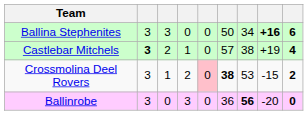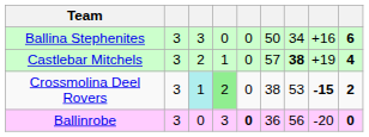 <table class="wikitable" style="text-align:center">
 <tr>
 <th style="width:175px;">Team</th>
 <th width="20"></th>
 <th width="20"></th>
 <th width="20"></th>
 <th width="20"></th>
 <th width="20"></th>
 <th width="20"></th>
 <th width="20"></th>
 <th width="20"></th>
 </tr>
 <tr style="background:#cfc;">
 <td><a href='#'>Ballina Stephenites</a></td>
 <td>3</td>
 <td>3</td>
 <td>0</td>
 <td>0</td>
 <td>50</td>
 <td>34</td>
-<td><strong>+16</strong></td>
+<td>+16</td>
 <td><strong>6</strong></td>
 </tr>
 <tr style="background:#cfc;">
 <td><a href='#'>Castlebar Mitchels</a></td>
-<td><strong>3</strong></td>
+<td>3</td>
 <td>2</td>
 <td>1</td>
 <td>0</td>
 <td>57</td>
-<td>38</td>
+<td><strong>38</strong></td>
 <td>+19</td>
 <td><strong>4</strong></td>
 </tr>
 <tr>
 <td><a href='#'>Crossmolina Deel Rovers</a></td>
 <td>3</td>
-<td>1</td>
-<td>2</td>
-<td style="background: pink;">0</td>
-<td><strong>38</strong></td>
+<td style="background: paleturquoise;">1</td>
+<td style="background: lightgreen;">2</td>
+<td>0</td>
+<td>38</td>
 <td>53</td>
-<td>-15</td>
+<td><strong>-15</strong></td>
 <td><strong>2</strong></td>
 </tr>
 <tr style="background:#fcf;">
 <td><a href='#'>Ballinrobe</a></td>
 <td>3</td>
 <td>0</td>
 <td>3</td>
-<td>0</td>
+<td><strong>0</strong></td>
 <td>36</td>
-<td><strong>56</strong></td>
+<td>56</td>
 <td>-20</td>
 <td><strong>0</strong></td>
 </tr>
 </table>
